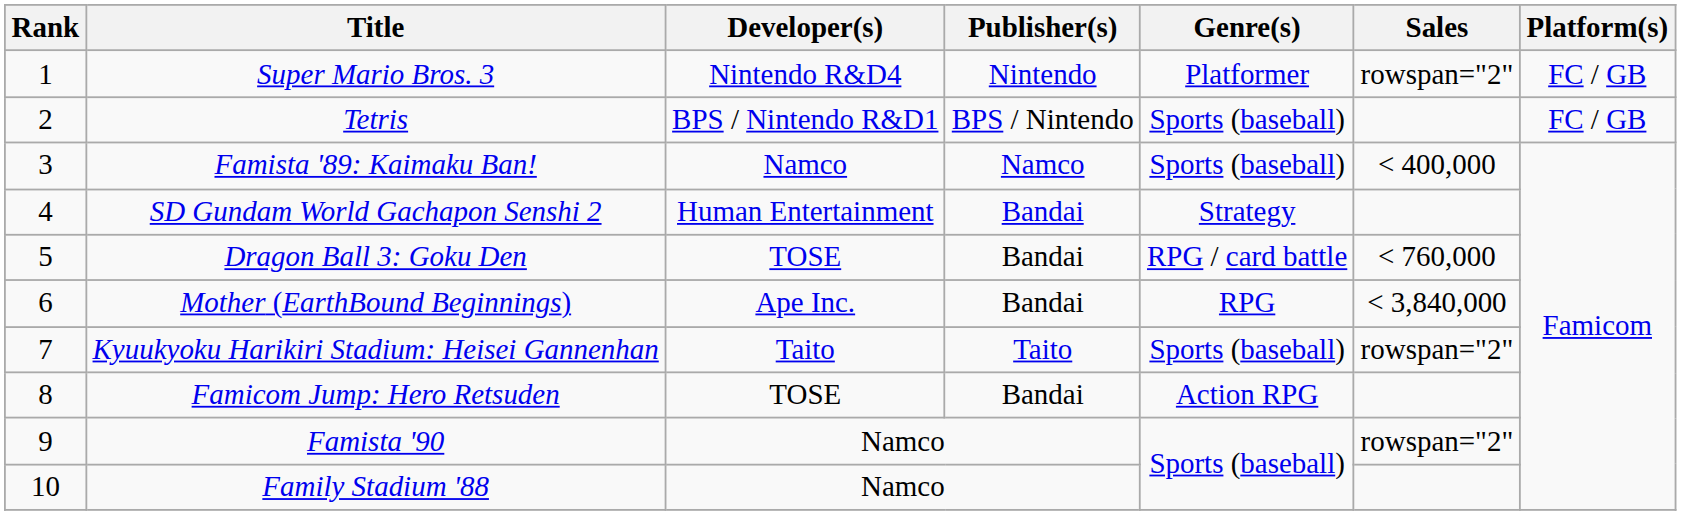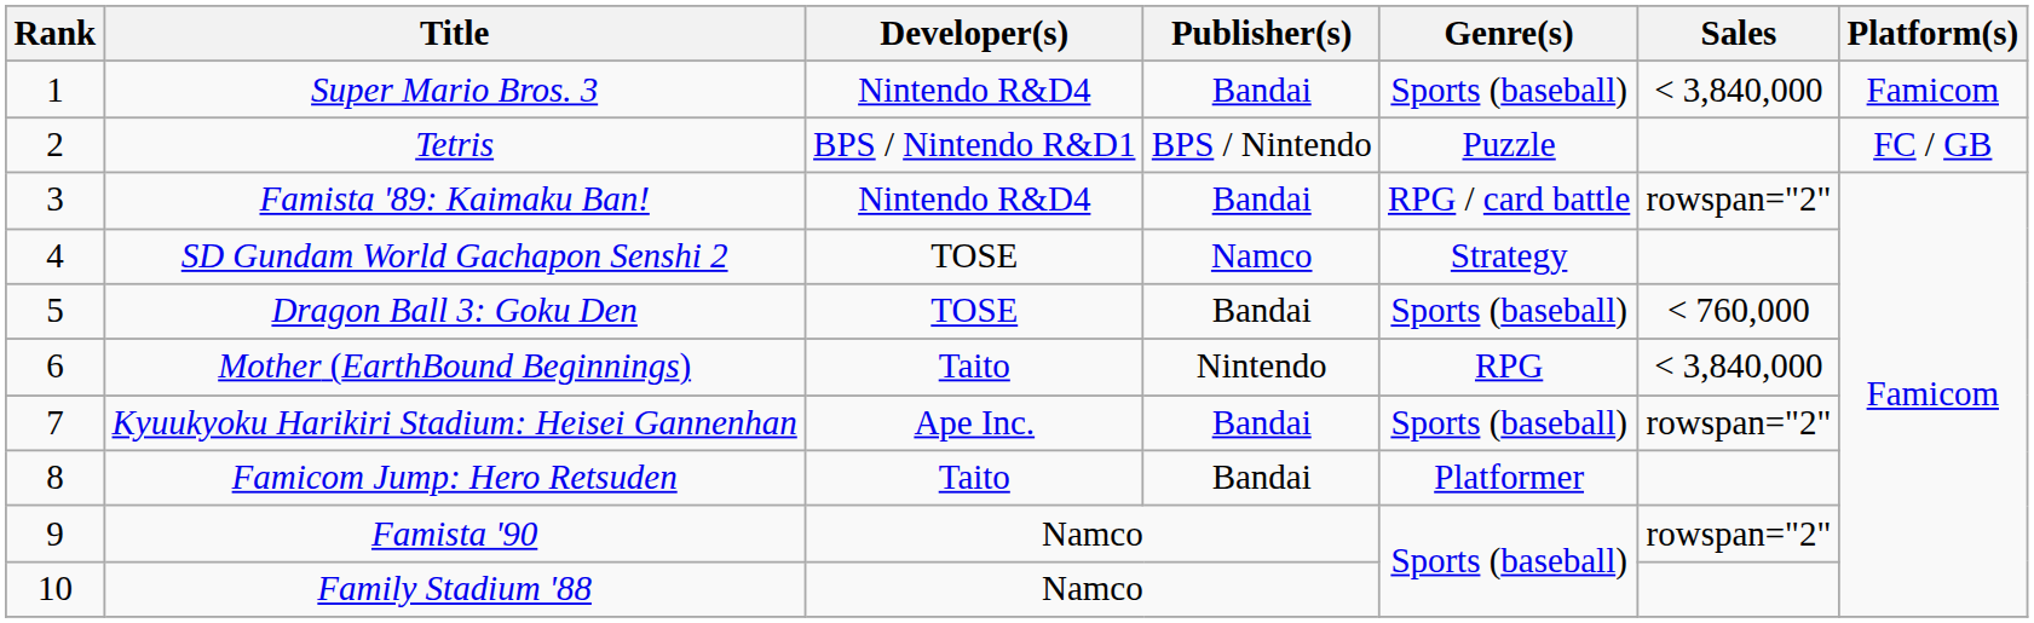 <table class="wikitable sortable" style="text-align:center">
 <tr>
 <th>Rank</th>
 <th>Title</th>
 <th>Developer(s)</th>
 <th>Publisher(s)</th>
 <th>Genre(s)</th>
 <th>Sales</th>
 <th>Platform(s)</th>
 </tr>
 <tr>
 <td>1</td>
 <td><em><a href='#'>Super Mario Bros. 3</a></em></td>
 <td><a href='#'>Nintendo R&D4</a></td>
-<td><a href='#'>Nintendo</a></td>
-<td><a href='#'>Platformer</a></td>
-<td>rowspan="2" </td>
-<td><a href='#'>FC</a> / <a href='#'>GB</a></td>
+<td><a href='#'>Bandai</a></td>
+<td><a href='#'>Sports</a> (<a href='#'>baseball</a>)</td>
+<td>< 3,840,000</td>
+<td><a href='#'>Famicom</a></td>
 </tr>
 <tr>
 <td>2</td>
 <td><em><a href='#'>Tetris</a></em></td>
 <td><a href='#'>BPS</a> / <a href='#'>Nintendo R&D1</a></td>
 <td><a href='#'>BPS</a> / Nintendo</td>
-<td><a href='#'>Sports</a> (<a href='#'>baseball</a>)</td>
+<td><a href='#'>Puzzle</a></td>
 <td></td>
 <td><a href='#'>FC</a> / <a href='#'>GB</a></td>
 </tr>
 <tr>
 <td>3</td>
 <td><em><a href='#'>Famista '89: Kaimaku Ban!</a></em></td>
-<td><a href='#'>Namco</a></td>
-<td><a href='#'>Namco</a></td>
-<td><a href='#'>Sports</a> (<a href='#'>baseball</a>)</td>
-<td>< 400,000</td>
+<td><a href='#'>Nintendo R&D4</a></td>
+<td><a href='#'>Bandai</a></td>
+<td><a href='#'>RPG</a> / <a href='#'>card battle</a></td>
+<td>rowspan="2" </td>
 <td rowspan="8"><a href='#'>Famicom</a></td>
 </tr>
 <tr>
 <td>4</td>
 <td><em><a href='#'>SD Gundam World Gachapon Senshi 2</a></em></td>
-<td><a href='#'>Human Entertainment</a></td>
-<td><a href='#'>Bandai</a></td>
+<td>TOSE</td>
+<td><a href='#'>Namco</a></td>
 <td><a href='#'>Strategy</a></td>
 </tr>
 <tr>
 <td>5</td>
 <td><em><a href='#'>Dragon Ball 3: Goku Den</a></em></td>
 <td><a href='#'>TOSE</a></td>
 <td>Bandai</td>
-<td><a href='#'>RPG</a> / <a href='#'>card battle</a></td>
+<td><a href='#'>Sports</a> (<a href='#'>baseball</a>)</td>
 <td>< 760,000</td>
 </tr>
 <tr>
 <td>6</td>
 <td><a href='#'><em>Mother</em> (<em>EarthBound Beginnings</em>)</a></td>
-<td><a href='#'>Ape Inc.</a></td>
-<td>Bandai</td>
+<td><a href='#'>Taito</a></td>
+<td>Nintendo</td>
 <td><a href='#'>RPG</a></td>
 <td>< 3,840,000</td>
 </tr>
 <tr>
 <td>7</td>
 <td><em><a href='#'>Kyuukyoku Harikiri Stadium: Heisei Gannenhan</a></em></td>
-<td><a href='#'>Taito</a></td>
-<td><a href='#'>Taito</a></td>
+<td><a href='#'>Ape Inc.</a></td>
+<td><a href='#'>Bandai</a></td>
 <td><a href='#'>Sports</a> (<a href='#'>baseball</a>)</td>
 <td>rowspan="2" </td>
 </tr>
 <tr>
 <td>8</td>
 <td><em><a href='#'>Famicom Jump: Hero Retsuden</a></em></td>
-<td>TOSE</td>
+<td><a href='#'>Taito</a></td>
 <td>Bandai</td>
-<td><a href='#'>Action RPG</a></td>
+<td><a href='#'>Platformer</a></td>
 </tr>
 <tr>
 <td>9</td>
 <td><em><a href='#'>Famista '90</a></em></td>
 <td colspan="2">Namco</td>
 <td rowspan="2"><a href='#'>Sports</a> (<a href='#'>baseball</a>)</td>
 <td>rowspan="2" </td>
 </tr>
 <tr>
 <td>10</td>
 <td><em><a href='#'>Family Stadium '88</a></em></td>
 <td colspan="2">Namco</td>
 </tr>
 </table>
